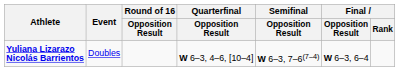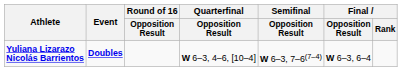 <table class=wikitable style=font-size:90%;text-align:center>
 <tr>
 <th rowspan=2>Athlete</th>
 <th rowspan=2>Event</th>
 <th>Round of 16</th>
 <th>Quarterfinal</th>
 <th>Semifinal</th>
 <th colspan=2>Final / </th>
 </tr>
 <tr style=font-size:95%>
 <th>Opposition<br>Result</th>
 <th>Opposition<br>Result</th>
 <th>Opposition<br>Result</th>
 <th>Opposition<br>Result</th>
 <th>Rank</th>
 </tr>
 <tr>
 <td align=left><strong><a href='#'>Yuliana Lizarazo</a><br><a href='#'>Nicolás Barrientos</a></strong></td>
-<td align=left><a href='#'>Doubles</a></td>
+<td align=left><strong><a href='#'>Doubles</a></strong></td>
 <td></td>
 <td><br><strong>W</strong> 6–3, 4–6, [10–4]</td>
 <td><br><strong>W</strong> 6–3, 7–6<sup>(7–4)</sup></td>
 <td><br><strong>W</strong> 6–3, 6–4</td>
 <td></td>
 </tr>
 </table>
